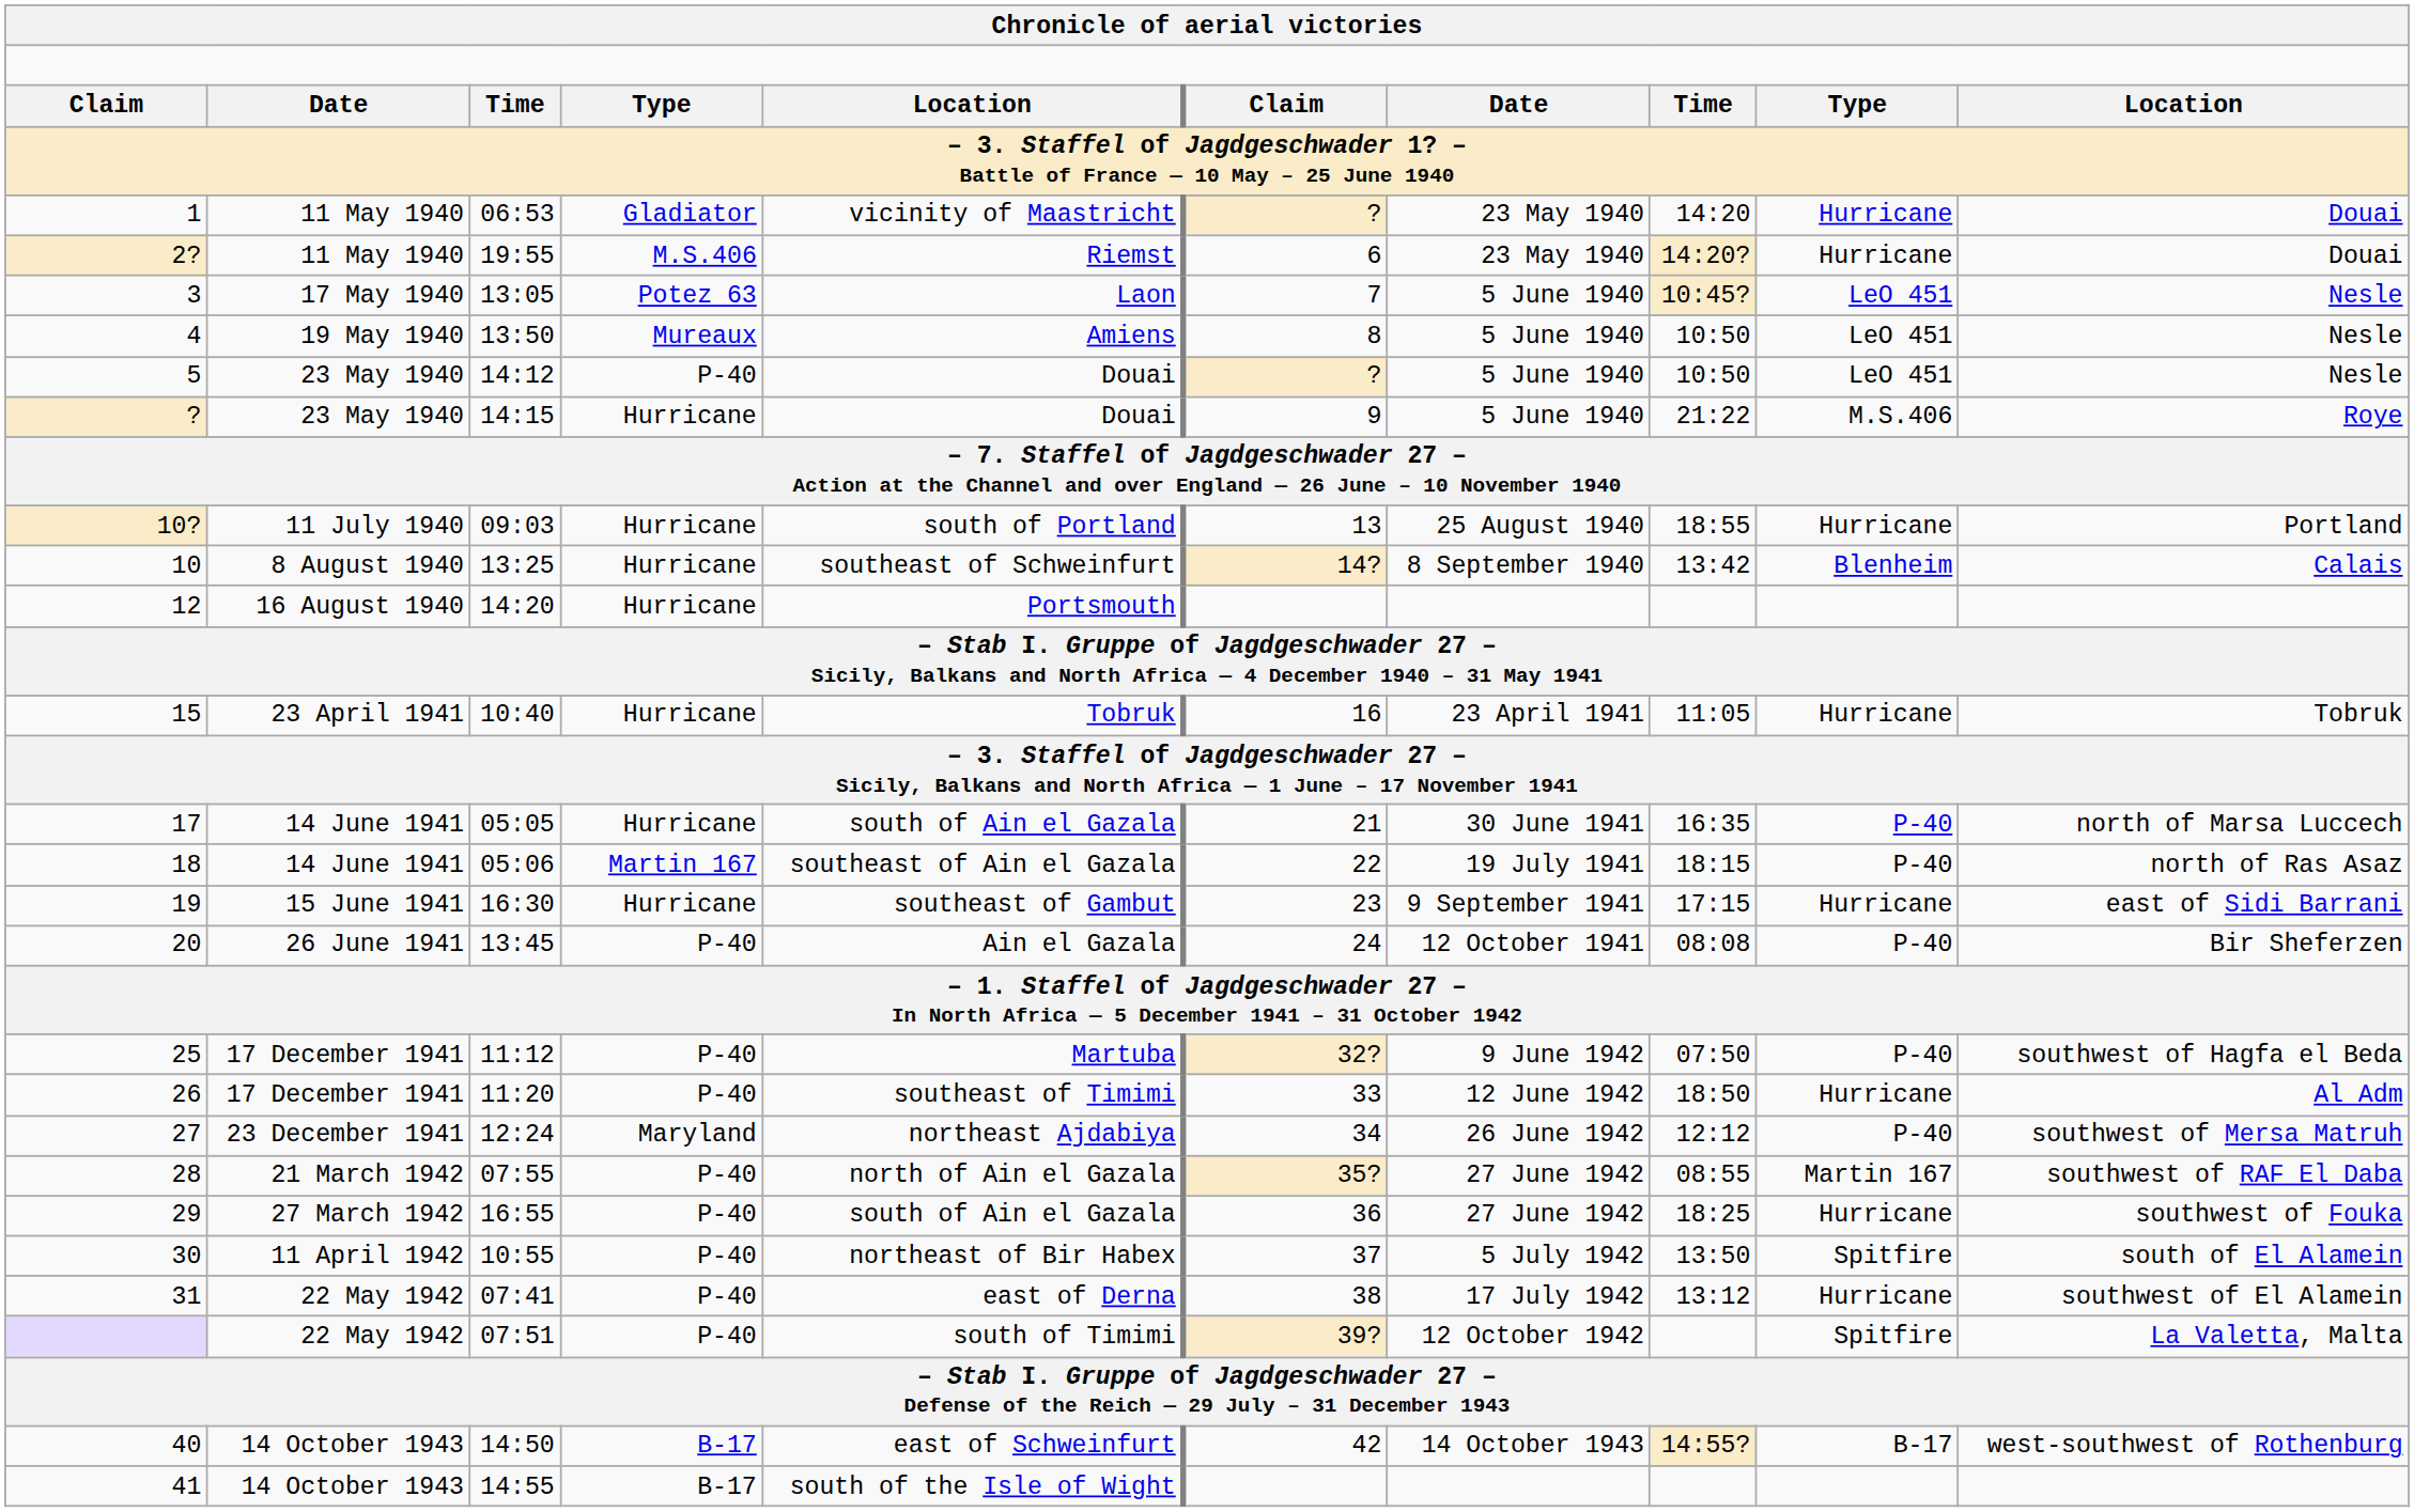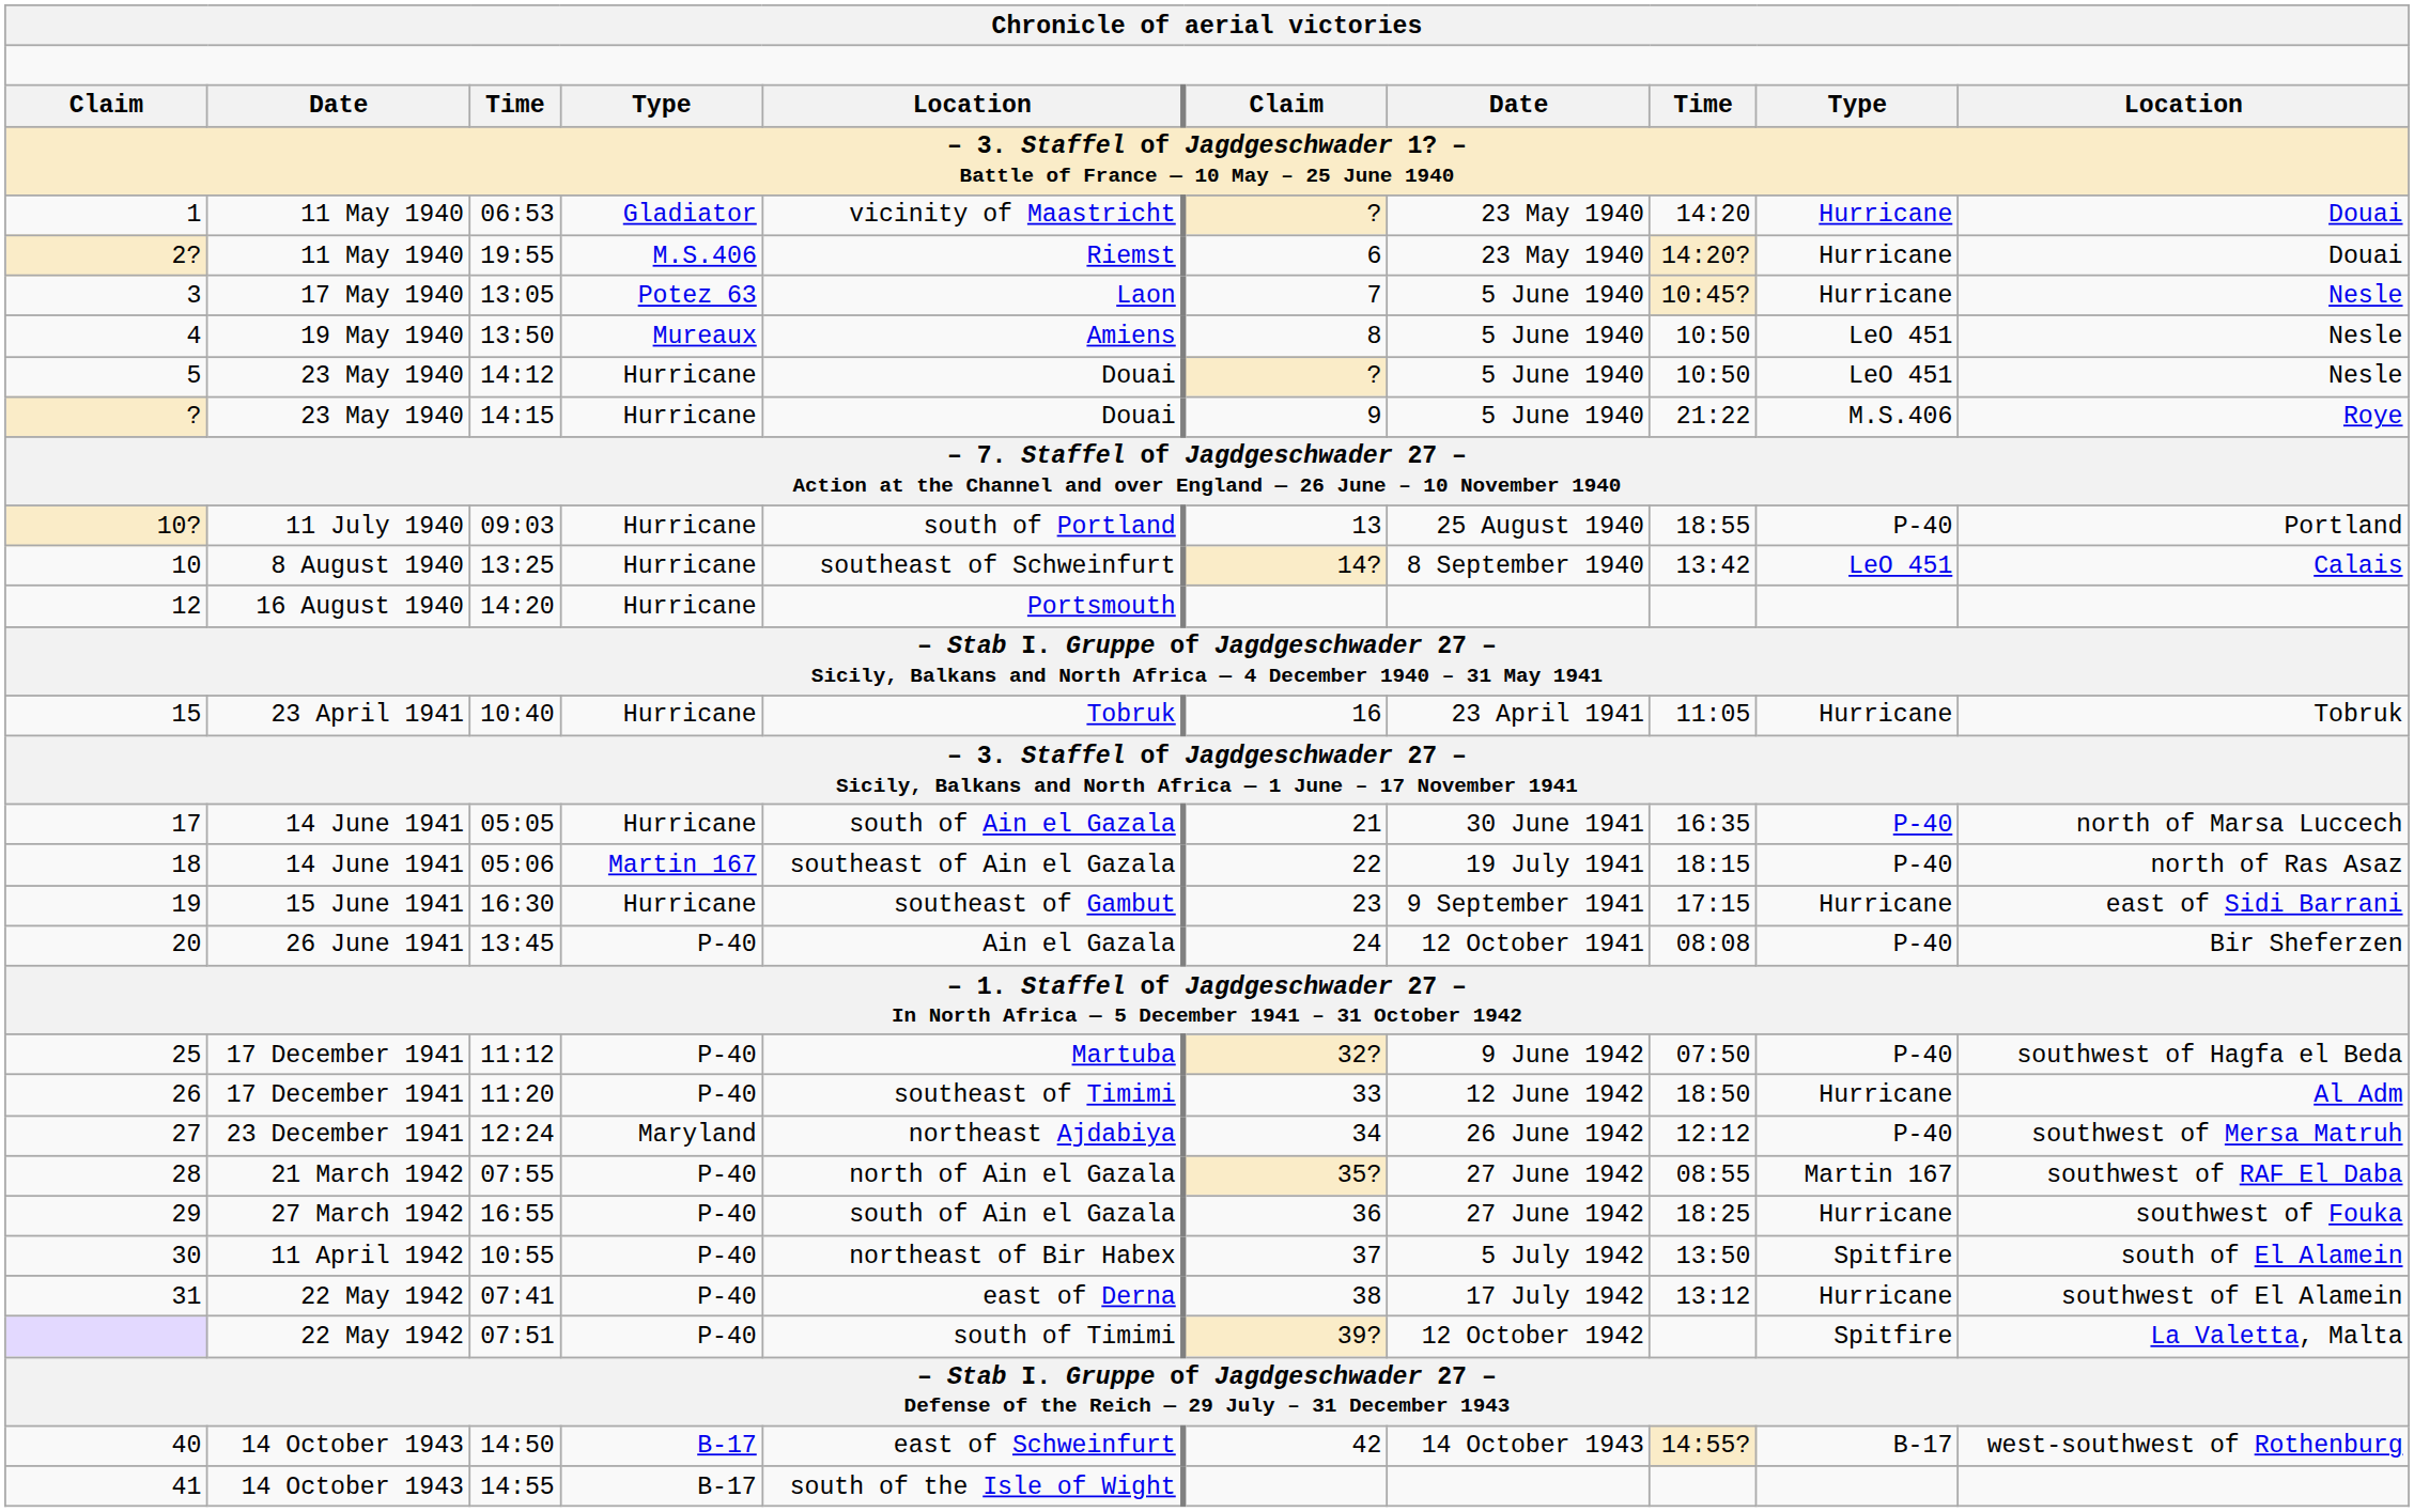 <table class="wikitable plainrowheaders collapsible" style="margin-left: auto; margin-right: auto; border: none; text-align:right; width: 100%;">
 <tr>
 <th colspan="10">Chronicle of aerial victories</th>
 </tr>
 <tr>
 <td colspan="10" style="text-align: left;"><br> </td>
 </tr>
 <tr>
 <th scope="col" width="100px">Claim</th>
 <th scope="col">Date</th>
 <th scope="col">Time</th>
 <th scope="col" width="100px">Type</th>
 <th scope="col">Location</th>
 <th scope="col" style="border-left: 3px solid grey;" width="100px">Claim</th>
 <th scope="col">Date</th>
 <th scope="col">Time</th>
 <th scope="col" width="100px">Type</th>
 <th scope="col">Location</th>
 </tr>
 <tr>
 <th colspan="10" style="background:#faecc8">– 3. <em>Staffel</em> of <em>Jagdgeschwader</em> 1? –<br><small>Battle of France — 10 May – 25 June 1940</small></th>
 </tr>
 <tr>
 <td>1</td>
 <td>11 May 1940</td>
 <td>06:53</td>
 <td><a href='#'>Gladiator</a></td>
 <td>vicinity of <a href='#'>Maastricht</a></td>
 <td style="border-left: 3px solid grey; background:#faecc8">?</td>
 <td>23 May 1940</td>
 <td>14:20</td>
 <td><a href='#'>Hurricane</a></td>
 <td><a href='#'>Douai</a></td>
 </tr>
 <tr>
 <td style="background:#faecc8">2?</td>
 <td>11 May 1940</td>
 <td>19:55</td>
 <td><a href='#'>M.S.406</a></td>
 <td><a href='#'>Riemst</a></td>
 <td style="border-left: 3px solid grey;">6</td>
 <td>23 May 1940</td>
 <td style="background:#faecc8">14:20?</td>
 <td>Hurricane</td>
 <td>Douai</td>
 </tr>
 <tr>
 <td>3</td>
 <td>17 May 1940</td>
 <td>13:05</td>
 <td><a href='#'>Potez 63</a></td>
 <td><a href='#'>Laon</a></td>
 <td style="border-left: 3px solid grey;">7</td>
 <td>5 June 1940</td>
 <td style="background:#faecc8">10:45?</td>
-<td><a href='#'>LeO 451</a></td>
+<td>Hurricane</td>
 <td><a href='#'>Nesle</a></td>
 </tr>
 <tr>
 <td>4</td>
 <td>19 May 1940</td>
 <td>13:50</td>
 <td><a href='#'>Mureaux</a></td>
 <td><a href='#'>Amiens</a></td>
 <td style="border-left: 3px solid grey;">8</td>
 <td>5 June 1940</td>
 <td>10:50</td>
 <td>LeO 451</td>
 <td>Nesle</td>
 </tr>
 <tr>
 <td>5</td>
 <td>23 May 1940</td>
 <td>14:12</td>
-<td>P-40</td>
+<td>Hurricane</td>
 <td>Douai</td>
 <td style="border-left: 3px solid grey; background:#faecc8">?</td>
 <td>5 June 1940</td>
 <td>10:50</td>
 <td>LeO 451</td>
 <td>Nesle</td>
 </tr>
 <tr>
 <td style="background:#faecc8">?</td>
 <td>23 May 1940</td>
 <td>14:15</td>
 <td>Hurricane</td>
 <td>Douai</td>
 <td style="border-left: 3px solid grey;">9</td>
 <td>5 June 1940</td>
 <td>21:22</td>
 <td>M.S.406</td>
 <td><a href='#'>Roye</a></td>
 </tr>
 <tr>
 <th colspan="10">– 7. <em>Staffel</em> of <em>Jagdgeschwader</em> 27 –<br><small>Action at the Channel and over England — 26 June – 10 November 1940</small></th>
 </tr>
 <tr>
 <td style="background:#faecc8">10?</td>
 <td>11 July 1940</td>
 <td>09:03</td>
 <td>Hurricane</td>
 <td>south of <a href='#'>Portland</a></td>
 <td style="border-left: 3px solid grey;">13</td>
 <td>25 August 1940</td>
 <td>18:55</td>
-<td>Hurricane</td>
+<td>P-40</td>
 <td>Portland</td>
 </tr>
 <tr>
 <td>10</td>
 <td>8 August 1940</td>
 <td>13:25</td>
 <td>Hurricane</td>
 <td> southeast of Schweinfurt</td>
 <td style="border-left: 3px solid grey; background:#faecc8">14?</td>
 <td>8 September 1940</td>
 <td>13:42</td>
-<td><a href='#'>Blenheim</a></td>
+<td><a href='#'>LeO 451</a></td>
 <td><a href='#'>Calais</a></td>
 </tr>
 <tr>
 <td>12</td>
 <td>16 August 1940</td>
 <td>14:20</td>
 <td>Hurricane</td>
 <td><a href='#'>Portsmouth</a></td>
 <td style="border-left: 3px solid grey;"></td>
 <td></td>
 <td></td>
 <td></td>
 <td></td>
 </tr>
 <tr>
 <th colspan="10">– <em>Stab</em> I. <em>Gruppe</em> of <em>Jagdgeschwader</em> 27 –<br><small>Sicily, Balkans and North Africa — 4 December 1940 – 31 May 1941</small></th>
 </tr>
 <tr>
 <td>15</td>
 <td>23 April 1941</td>
 <td>10:40</td>
 <td>Hurricane</td>
 <td><a href='#'>Tobruk</a></td>
 <td style="border-left: 3px solid grey;">16</td>
 <td>23 April 1941</td>
 <td>11:05</td>
 <td>Hurricane</td>
 <td>Tobruk</td>
 </tr>
 <tr>
 <th colspan="10">– 3. <em>Staffel</em> of <em>Jagdgeschwader</em> 27 –<br><small>Sicily, Balkans and North Africa — 1 June – 17 November 1941</small></th>
 </tr>
 <tr>
 <td>17</td>
 <td>14 June 1941</td>
 <td>05:05</td>
 <td>Hurricane</td>
 <td>south of <a href='#'>Ain el Gazala</a></td>
 <td style="border-left: 3px solid grey;">21</td>
 <td>30 June 1941</td>
 <td>16:35</td>
 <td><a href='#'>P-40</a></td>
 <td>north of Marsa Luccech</td>
 </tr>
 <tr>
 <td>18</td>
 <td>14 June 1941</td>
 <td>05:06</td>
 <td><a href='#'>Martin 167</a></td>
 <td>southeast of Ain el Gazala</td>
 <td style="border-left: 3px solid grey;">22</td>
 <td>19 July 1941</td>
 <td>18:15</td>
 <td>P-40</td>
 <td>north of Ras Asaz</td>
 </tr>
 <tr>
 <td>19</td>
 <td>15 June 1941</td>
 <td>16:30</td>
 <td>Hurricane</td>
 <td>southeast of <a href='#'>Gambut</a></td>
 <td style="border-left: 3px solid grey;">23</td>
 <td>9 September 1941</td>
 <td>17:15</td>
 <td>Hurricane</td>
 <td> east of <a href='#'>Sidi Barrani</a></td>
 </tr>
 <tr>
 <td>20</td>
 <td>26 June 1941</td>
 <td>13:45</td>
 <td>P-40</td>
 <td>Ain el Gazala</td>
 <td style="border-left: 3px solid grey;">24</td>
 <td>12 October 1941</td>
 <td>08:08</td>
 <td>P-40</td>
 <td>Bir Sheferzen</td>
 </tr>
 <tr>
 <th colspan="10">– 1. <em>Staffel</em> of <em>Jagdgeschwader</em> 27 –<br><small>In North Africa — 5 December 1941 – 31 October 1942</small></th>
 </tr>
 <tr>
 <td>25</td>
 <td>17 December 1941</td>
 <td>11:12</td>
 <td>P-40</td>
 <td><a href='#'>Martuba</a></td>
 <td style="border-left: 3px solid grey; background:#faecc8">32?</td>
 <td>9 June 1942</td>
 <td>07:50</td>
 <td>P-40</td>
 <td>southwest of Hagfa el Beda</td>
 </tr>
 <tr>
 <td>26</td>
 <td>17 December 1941</td>
 <td>11:20</td>
 <td>P-40</td>
 <td>southeast of <a href='#'>Timimi</a></td>
 <td style="border-left: 3px solid grey;">33</td>
 <td>12 June 1942</td>
 <td>18:50</td>
 <td>Hurricane</td>
 <td><a href='#'>Al Adm</a></td>
 </tr>
 <tr>
 <td>27</td>
 <td>23 December 1941</td>
 <td>12:24</td>
 <td>Maryland</td>
 <td>northeast <a href='#'>Ajdabiya</a></td>
 <td style="border-left: 3px solid grey;">34</td>
 <td>26 June 1942</td>
 <td>12:12</td>
 <td>P-40</td>
 <td>southwest of <a href='#'>Mersa Matruh</a></td>
 </tr>
 <tr>
 <td>28</td>
 <td>21 March 1942</td>
 <td>07:55</td>
 <td>P-40</td>
 <td>north of Ain el Gazala</td>
 <td style="border-left: 3px solid grey; background:#faecc8">35?</td>
 <td>27 June 1942</td>
 <td>08:55</td>
 <td>Martin 167</td>
 <td>southwest of <a href='#'>RAF El Daba</a></td>
 </tr>
 <tr>
 <td>29</td>
 <td>27 March 1942</td>
 <td>16:55</td>
 <td>P-40</td>
 <td>south of Ain el Gazala</td>
 <td style="border-left: 3px solid grey;">36</td>
 <td>27 June 1942</td>
 <td>18:25</td>
 <td>Hurricane</td>
 <td>southwest of <a href='#'>Fouka</a></td>
 </tr>
 <tr>
 <td>30</td>
 <td>11 April 1942</td>
 <td>10:55</td>
 <td>P-40</td>
 <td> northeast of Bir Habex</td>
 <td style="border-left: 3px solid grey;">37</td>
 <td>5 July 1942</td>
 <td>13:50</td>
 <td>Spitfire</td>
 <td> south of <a href='#'>El Alamein</a></td>
 </tr>
 <tr>
 <td>31</td>
 <td>22 May 1942</td>
 <td>07:41</td>
 <td>P-40</td>
 <td> east of <a href='#'>Derna</a></td>
 <td style="border-left: 3px solid grey;">38</td>
 <td>17 July 1942</td>
 <td>13:12</td>
 <td>Hurricane</td>
 <td>southwest of El Alamein</td>
 </tr>
 <tr>
 <td style="background:#e3d9ff;"></td>
 <td>22 May 1942</td>
 <td>07:51</td>
 <td>P-40</td>
 <td>south of Timimi</td>
 <td style="border-left: 3px solid grey; background:#faecc8">39?</td>
 <td>12 October 1942</td>
 <td></td>
 <td>Spitfire</td>
 <td><a href='#'>La Valetta</a>, Malta</td>
 </tr>
 <tr>
 <th colspan="10">– <em>Stab</em> I. <em>Gruppe</em> of <em>Jagdgeschwader</em> 27 –<br><small>Defense of the Reich — 29 July – 31 December 1943</small></th>
 </tr>
 <tr>
 <td>40</td>
 <td>14 October 1943</td>
 <td>14:50</td>
 <td><a href='#'>B-17</a></td>
 <td> east of <a href='#'>Schweinfurt</a></td>
 <td style="border-left: 3px solid grey;">42</td>
 <td>14 October 1943</td>
 <td style="background:#faecc8">14:55?</td>
 <td>B-17</td>
 <td> west-southwest of <a href='#'>Rothenburg</a></td>
 </tr>
 <tr>
 <td>41</td>
 <td>14 October 1943</td>
 <td>14:55</td>
 <td>B-17</td>
 <td>south of the <a href='#'>Isle of Wight</a></td>
 <td style="border-left: 3px solid grey;"></td>
 <td></td>
 <td></td>
 <td></td>
 <td></td>
 </tr>
 </table>
